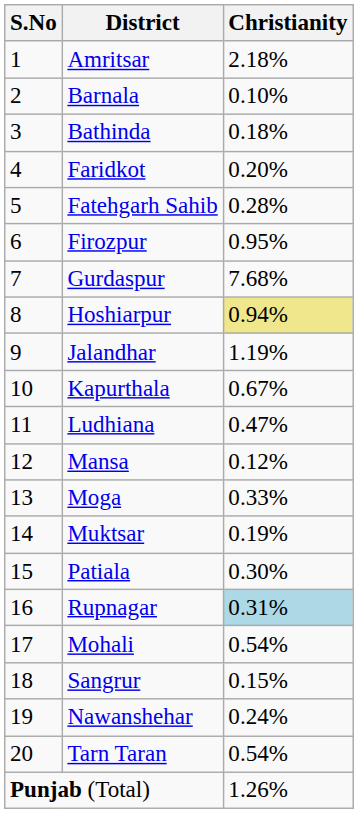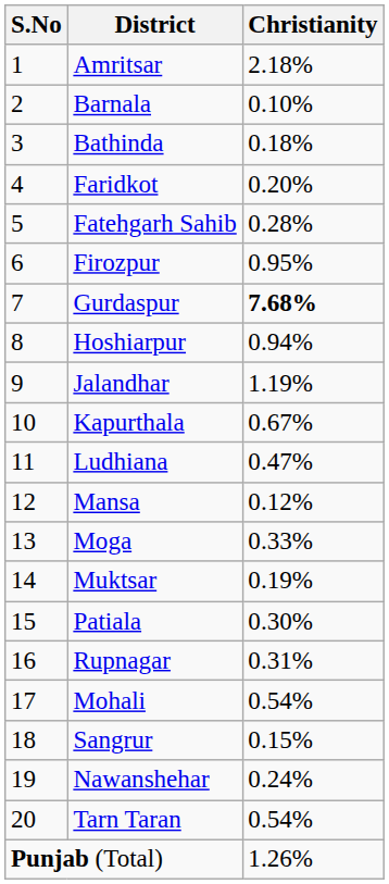 <table class="wikitable sortable">
 <tr>
 <th>S.No</th>
 <th>District</th>
 <th>Christianity</th>
 </tr>
 <tr>
 <td>1</td>
 <td><a href='#'>Amritsar</a></td>
 <td>2.18%</td>
 </tr>
 <tr>
 <td>2</td>
 <td><a href='#'>Barnala</a></td>
 <td>0.10%</td>
 </tr>
 <tr>
 <td>3</td>
 <td><a href='#'>Bathinda</a></td>
 <td>0.18%</td>
 </tr>
 <tr>
 <td>4</td>
 <td><a href='#'>Faridkot</a></td>
 <td>0.20%</td>
 </tr>
 <tr>
 <td>5</td>
 <td><a href='#'>Fatehgarh Sahib</a></td>
 <td>0.28%</td>
 </tr>
 <tr>
 <td>6</td>
 <td><a href='#'>Firozpur</a></td>
 <td>0.95%</td>
 </tr>
 <tr>
 <td>7</td>
 <td><a href='#'>Gurdaspur</a></td>
-<td>7.68%</td>
+<td><strong>7.68%</strong></td>
 </tr>
 <tr>
 <td>8</td>
 <td><a href='#'>Hoshiarpur</a></td>
-<td style="background: khaki;">0.94%</td>
+<td>0.94%</td>
 </tr>
 <tr>
 <td>9</td>
 <td><a href='#'>Jalandhar</a></td>
 <td>1.19%</td>
 </tr>
 <tr>
 <td>10</td>
 <td><a href='#'>Kapurthala</a></td>
 <td>0.67%</td>
 </tr>
 <tr>
 <td>11</td>
 <td><a href='#'>Ludhiana</a></td>
 <td>0.47%</td>
 </tr>
 <tr>
 <td>12</td>
 <td><a href='#'>Mansa</a></td>
 <td>0.12%</td>
 </tr>
 <tr>
 <td>13</td>
 <td><a href='#'>Moga</a></td>
 <td>0.33%</td>
 </tr>
 <tr>
 <td>14</td>
 <td><a href='#'>Muktsar</a></td>
 <td>0.19%</td>
 </tr>
 <tr>
 <td>15</td>
 <td><a href='#'>Patiala</a></td>
 <td>0.30%</td>
 </tr>
 <tr>
 <td>16</td>
 <td><a href='#'>Rupnagar</a></td>
-<td style="background: lightblue;">0.31%</td>
+<td>0.31%</td>
 </tr>
 <tr>
 <td>17</td>
 <td><a href='#'>Mohali</a></td>
 <td>0.54%</td>
 </tr>
 <tr>
 <td>18</td>
 <td><a href='#'>Sangrur</a></td>
 <td>0.15%</td>
 </tr>
 <tr>
 <td>19</td>
 <td><a href='#'>Nawanshehar</a></td>
 <td>0.24%</td>
 </tr>
 <tr>
 <td>20</td>
 <td><a href='#'>Tarn Taran</a></td>
 <td>0.54%</td>
 </tr>
 <tr>
 <td colspan="2"><strong>Punjab</strong> (Total)</td>
 <td>1.26%</td>
 </tr>
 </table>
